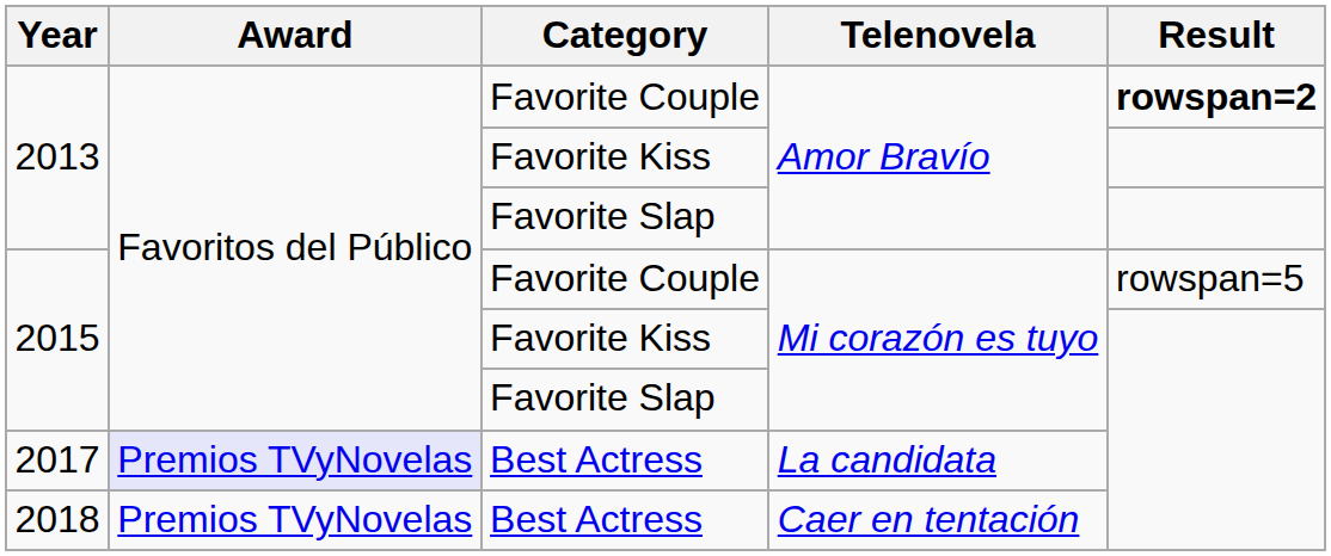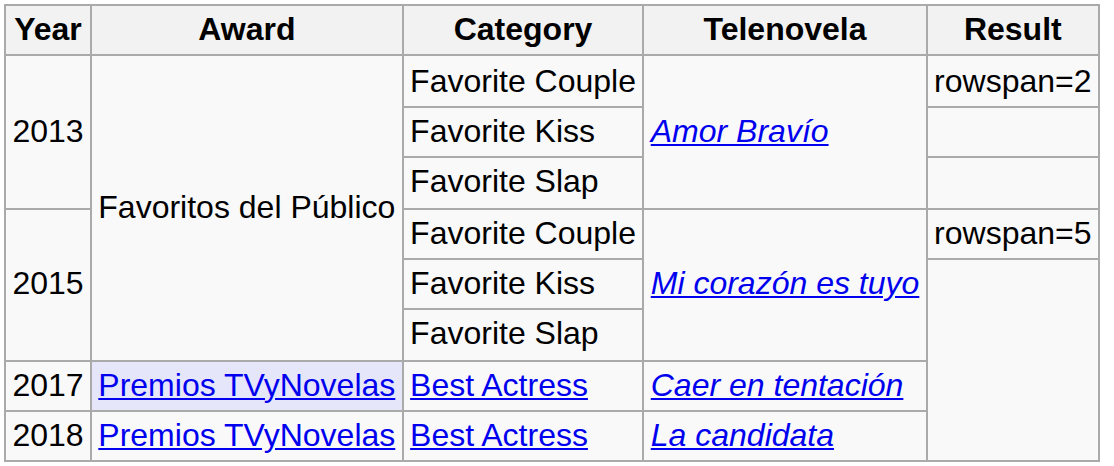 <table class="wikitable">
 <tr style="background:#b0c4de;">
 <th>Year</th>
 <th>Award</th>
 <th>Category</th>
 <th>Telenovela</th>
 <th>Result</th>
 </tr>
 <tr>
 <td rowspan=3>2013</td>
 <td rowspan=6>Favoritos del Público</td>
 <td>Favorite Couple</td>
 <td rowspan=3><em><a href='#'>Amor Bravío</a></em></td>
-<td><strong>rowspan=2 </strong></td>
+<td>rowspan=2 </td>
 </tr>
 <tr>
 <td>Favorite Kiss</td>
 </tr>
 <tr>
 <td>Favorite Slap</td>
 <td></td>
 </tr>
 <tr>
 <td rowspan=3>2015</td>
 <td>Favorite Couple</td>
 <td rowspan=3><em><a href='#'>Mi corazón es tuyo</a></em></td>
 <td>rowspan=5 </td>
 </tr>
 <tr>
 <td>Favorite Kiss</td>
 </tr>
 <tr>
 <td>Favorite Slap</td>
 </tr>
 <tr>
 <td>2017</td>
 <td style="background: lavender;"><a href='#'>Premios TVyNovelas</a></td>
 <td><a href='#'>Best Actress</a></td>
-<td><em><a href='#'>La candidata</a></em></td>
+<td><em><a href='#'>Caer en tentación</a></em></td>
 </tr>
 <tr>
 <td>2018</td>
 <td><a href='#'>Premios TVyNovelas</a></td>
 <td><a href='#'>Best Actress</a></td>
-<td><em><a href='#'>Caer en tentación</a></em></td>
+<td><em><a href='#'>La candidata</a></em></td>
 </tr>
 </table>
